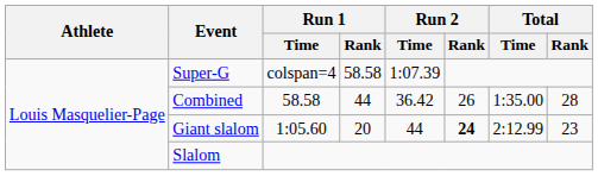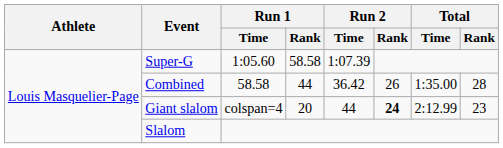 <table class="wikitable" style="font-size:90%">
 <tr>
 <th rowspan=2>Athlete</th>
 <th rowspan=2>Event</th>
 <th colspan=2>Run 1</th>
 <th colspan=2>Run 2</th>
 <th colspan=2>Total</th>
 </tr>
 <tr style="font-size:95%">
 <th>Time</th>
 <th>Rank</th>
 <th>Time</th>
 <th>Rank</th>
 <th>Time</th>
 <th>Rank</th>
 </tr>
 <tr align=center>
 <td align="left" rowspan="4"><a href='#'>Louis Masquelier-Page</a></td>
 <td align="left"><a href='#'>Super-G</a></td>
-<td>colspan=4</td>
+<td>1:05.60</td>
 <td>58.58</td>
 <td>1:07.39</td>
 </tr>
 <tr align=center>
 <td align="left"><a href='#'>Combined</a></td>
 <td>58.58</td>
 <td>44</td>
 <td>36.42</td>
 <td>26</td>
 <td>1:35.00</td>
 <td>28</td>
 </tr>
 <tr align=center>
 <td align="left"><a href='#'>Giant slalom</a></td>
-<td>1:05.60</td>
+<td>colspan=4</td>
 <td>20</td>
 <td>44</td>
 <td><strong>24</strong></td>
 <td>2:12.99</td>
 <td>23</td>
 </tr>
 <tr align=center>
 <td align="left"><a href='#'>Slalom</a></td>
 <td colspan=6></td>
 </tr>
 </table>
